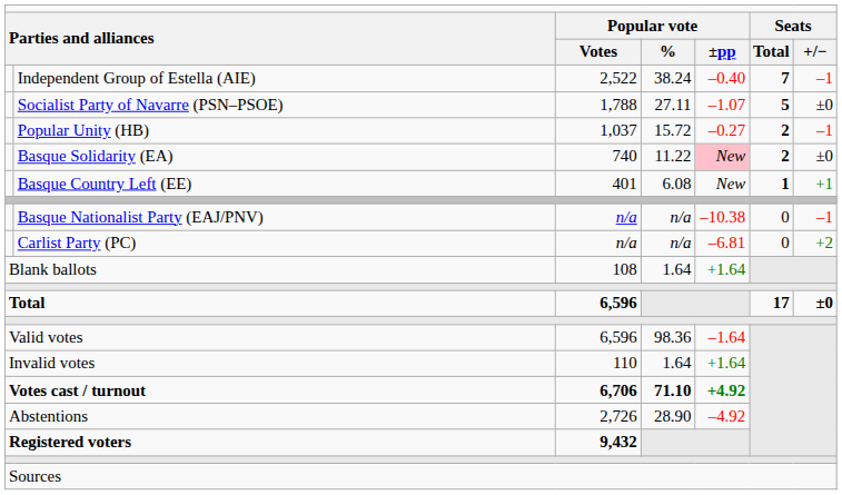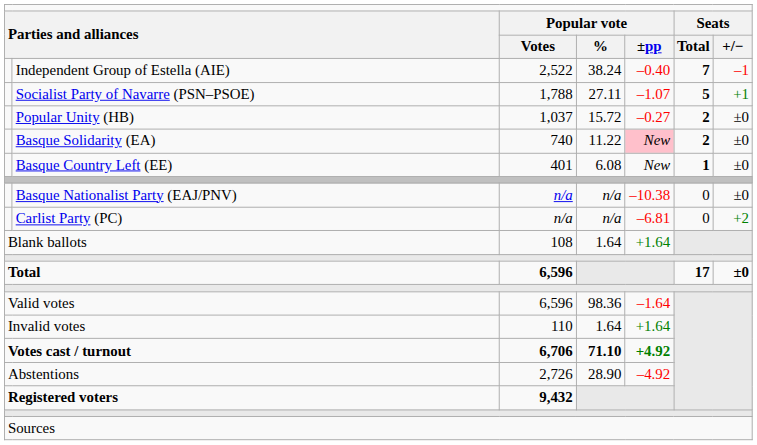 <table class="wikitable" style="text-align:right;">
 <tr>
 <td colspan="7"></td>
 </tr>
 <tr>
 <th style="text-align:left;" rowspan="2" colspan="2" width="525">Parties and alliances</th>
 <th colspan="3">Popular vote</th>
 <th colspan="2">Seats</th>
 </tr>
 <tr>
 <th width="75">Votes</th>
 <th width="45">%</th>
 <th width="45">±<a href='#'>pp</a></th>
 <th width="35">Total</th>
 <th width="35">+/−</th>
 </tr>
 <tr>
 <td width="1" style="color:inherit;background:"></td>
 <td align="left">Independent Group of Estella (AIE)</td>
 <td>2,522</td>
 <td>38.24</td>
 <td style="color:red;">–0.40</td>
 <td><strong>7</strong></td>
 <td style="color:red;">–1</td>
 </tr>
 <tr>
 <td style="color:inherit;background:"></td>
 <td align="left"><a href='#'>Socialist Party of Navarre</a> (PSN–PSOE)</td>
 <td>1,788</td>
 <td>27.11</td>
 <td style="color:red;">–1.07</td>
 <td><strong>5</strong></td>
-<td>±0</td>
+<td style="color:green;">+1</td>
 </tr>
 <tr>
 <td style="color:inherit;background:"></td>
 <td align="left"><a href='#'>Popular Unity</a> (HB)</td>
 <td>1,037</td>
 <td>15.72</td>
 <td style="color:red;">–0.27</td>
 <td><strong>2</strong></td>
-<td style="color:red;">–1</td>
+<td>±0</td>
 </tr>
 <tr>
 <td style="color:inherit;background:"></td>
 <td align="left"><a href='#'>Basque Solidarity</a> (EA)</td>
 <td>740</td>
 <td>11.22</td>
 <td style="background: pink;"><em>New</em></td>
 <td><strong>2</strong></td>
 <td>±0</td>
 </tr>
 <tr>
 <td style="color:inherit;background:"></td>
 <td align="left"><a href='#'>Basque Country Left</a> (EE)</td>
 <td>401</td>
 <td>6.08</td>
 <td><em>New</em></td>
 <td><strong>1</strong></td>
-<td style="color:green;">+1</td>
+<td>±0</td>
 </tr>
 <tr>
 <td colspan="7" bgcolor="#C0C0C0"></td>
 </tr>
 <tr>
 <td style="color:inherit;background:"></td>
 <td align="left"><a href='#'>Basque Nationalist Party</a> (EAJ/PNV)</td>
 <td><em><a href='#'>n/a</a></em></td>
 <td><em>n/a</em></td>
 <td style="color:red;">–10.38</td>
 <td>0</td>
-<td style="color:red;">–1</td>
+<td>±0</td>
 </tr>
 <tr>
 <td style="color:inherit;background:"></td>
 <td align="left"><a href='#'>Carlist Party</a> (PC)</td>
 <td><em>n/a</em></td>
 <td><em>n/a</em></td>
 <td style="color:red;">–6.81</td>
 <td>0</td>
 <td style="color:green;">+2</td>
 </tr>
 <tr>
 <td align="left" colspan="2">Blank ballots</td>
 <td>108</td>
 <td>1.64</td>
 <td style="color:green;">+1.64</td>
 <td bgcolor="#E9E9E9" colspan="2"></td>
 </tr>
 <tr>
 <td colspan="7" bgcolor="#E9E9E9"></td>
 </tr>
 <tr style="font-weight:bold;">
 <td align="left" colspan="2">Total</td>
 <td>6,596</td>
 <td bgcolor="#E9E9E9" colspan="2"></td>
 <td>17</td>
 <td>±0</td>
 </tr>
 <tr>
 <td colspan="7" bgcolor="#E9E9E9"></td>
 </tr>
 <tr>
 <td align="left" colspan="2">Valid votes</td>
 <td>6,596</td>
 <td>98.36</td>
 <td style="color:red;">–1.64</td>
 <td bgcolor="#E9E9E9" colspan="2" rowspan="5"></td>
 </tr>
 <tr>
 <td align="left" colspan="2">Invalid votes</td>
 <td>110</td>
 <td>1.64</td>
 <td style="color:green;">+1.64</td>
 </tr>
 <tr style="font-weight:bold;">
 <td align="left" colspan="2">Votes cast / turnout</td>
 <td>6,706</td>
 <td>71.10</td>
 <td style="color:green;">+4.92</td>
 </tr>
 <tr>
 <td align="left" colspan="2">Abstentions</td>
 <td>2,726</td>
 <td>28.90</td>
 <td style="color:red;">–4.92</td>
 </tr>
 <tr style="font-weight:bold;">
 <td align="left" colspan="2">Registered voters</td>
 <td>9,432</td>
 <td bgcolor="#E9E9E9" colspan="2"></td>
 </tr>
 <tr>
 <td colspan="7" bgcolor="#E9E9E9"></td>
 </tr>
 <tr>
 <td align="left" colspan="7">Sources</td>
 </tr>
 </table>
